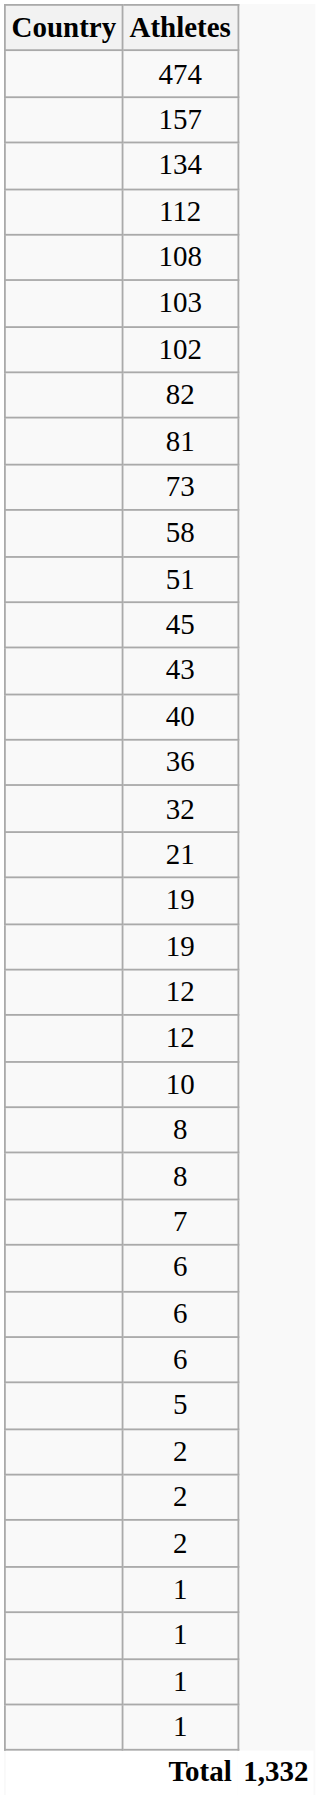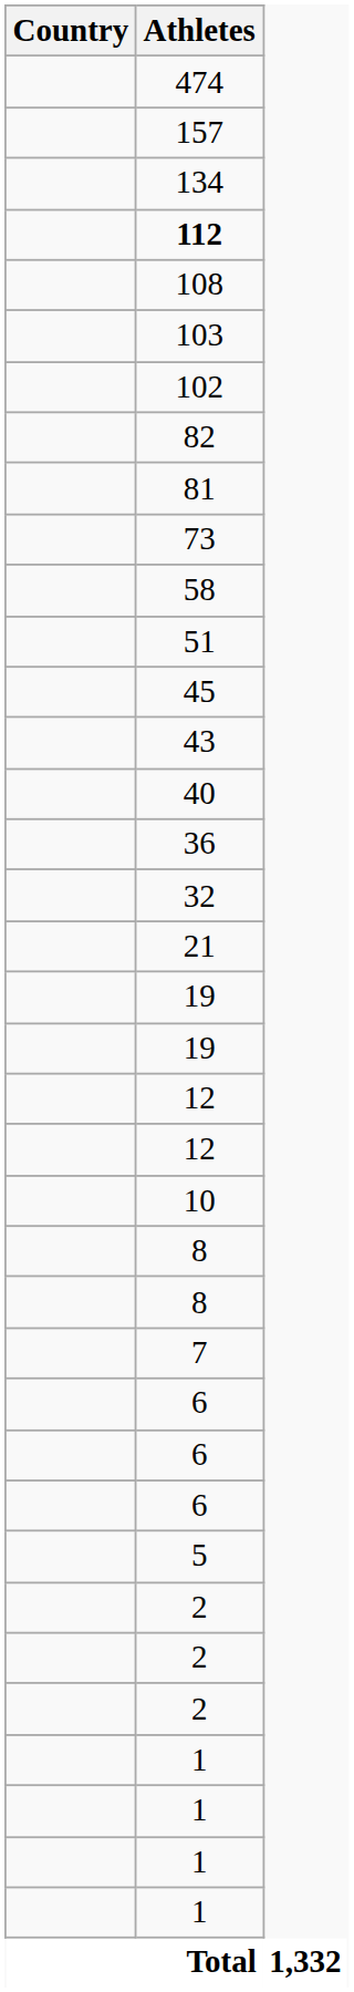 <table class="wikitable collapsible collapsed sortable" style="border:0;">
 <tr>
 <th>Country</th>
 <th>Athletes</th>
 </tr>
 <tr>
 <td></td>
 <td align=center>474</td>
 </tr>
 <tr>
 <td></td>
 <td align=center>157</td>
 </tr>
 <tr>
 <td></td>
 <td align=center>134</td>
 </tr>
 <tr>
 <td></td>
-<td align=center>112</td>
+<td align=center><strong>112</strong></td>
 </tr>
 <tr>
 <td></td>
 <td align=center>108</td>
 </tr>
 <tr>
 <td></td>
 <td align=center>103</td>
 </tr>
 <tr>
 <td></td>
 <td align=center>102</td>
 </tr>
 <tr>
 <td></td>
 <td align=center>82</td>
 </tr>
 <tr>
 <td></td>
 <td align=center>81</td>
 </tr>
 <tr>
 <td></td>
 <td align=center>73</td>
 </tr>
 <tr>
 <td></td>
 <td align=center>58</td>
 </tr>
 <tr>
 <td></td>
 <td align=center>51</td>
 </tr>
 <tr>
 <td></td>
 <td align=center>45</td>
 </tr>
 <tr>
 <td></td>
 <td align=center>43</td>
 </tr>
 <tr>
 <td></td>
 <td align=center>40</td>
 </tr>
 <tr>
 <td></td>
 <td align=center>36</td>
 </tr>
 <tr>
 <td></td>
 <td align=center>32</td>
 </tr>
 <tr>
 <td></td>
 <td align=center>21</td>
 </tr>
 <tr>
 <td></td>
 <td align=center>19</td>
 </tr>
 <tr>
 <td></td>
 <td align=center>19</td>
 </tr>
 <tr>
 <td></td>
 <td align=center>12</td>
 </tr>
 <tr>
 <td></td>
 <td align=center>12</td>
 </tr>
 <tr>
 <td></td>
 <td align=center>10</td>
 </tr>
 <tr>
 <td></td>
 <td align=center>8</td>
 </tr>
 <tr>
 <td></td>
 <td align=center>8</td>
 </tr>
 <tr>
 <td></td>
 <td align=center>7</td>
 </tr>
 <tr>
 <td></td>
 <td align=center>6</td>
 </tr>
 <tr>
 <td></td>
 <td align=center>6</td>
 </tr>
 <tr>
 <td></td>
 <td align=center>6</td>
 </tr>
 <tr>
 <td></td>
 <td align=center>5</td>
 </tr>
 <tr>
 <td></td>
 <td align=center>2</td>
 </tr>
 <tr>
 <td></td>
 <td align=center>2</td>
 </tr>
 <tr>
 <td></td>
 <td align=center>2</td>
 </tr>
 <tr>
 <td></td>
 <td align=center>1</td>
 </tr>
 <tr>
 <td></td>
 <td align=center>1</td>
 </tr>
 <tr>
 <td></td>
 <td align=center>1</td>
 </tr>
 <tr>
 <td></td>
 <td align=center>1</td>
 </tr>
 <tr class="sortbottom">
 <td colspan=2; style="text-align:right; border:0px; background:#fff;"><strong>Total</strong></td>
 <td style="text-align:center; border:0px; background:#fff;"><strong>1,332</strong></td>
 </tr>
 <tr>
 </tr>
 </table>
